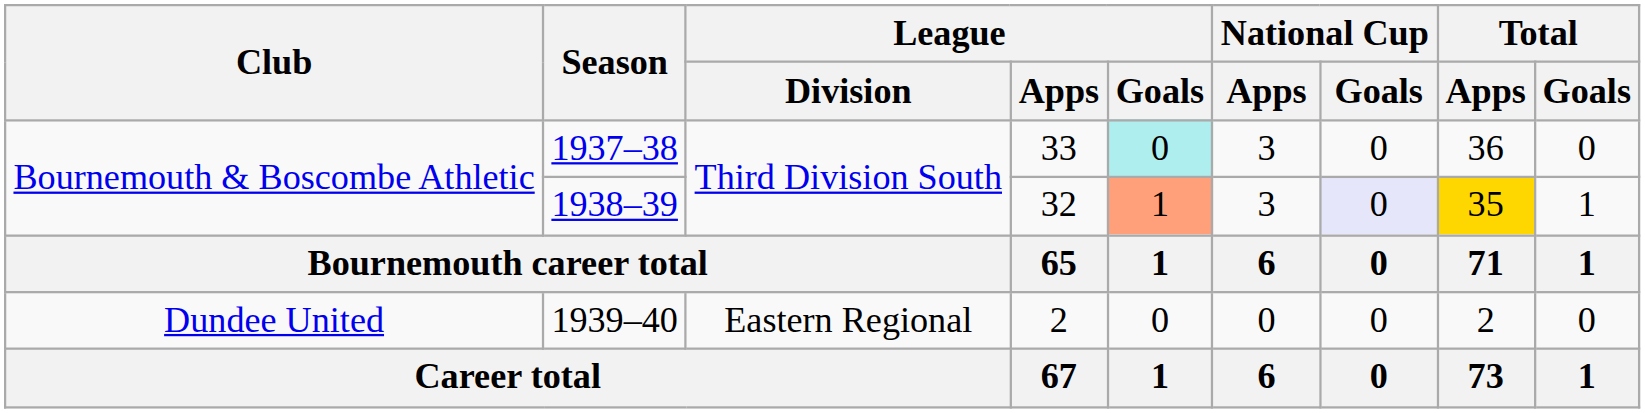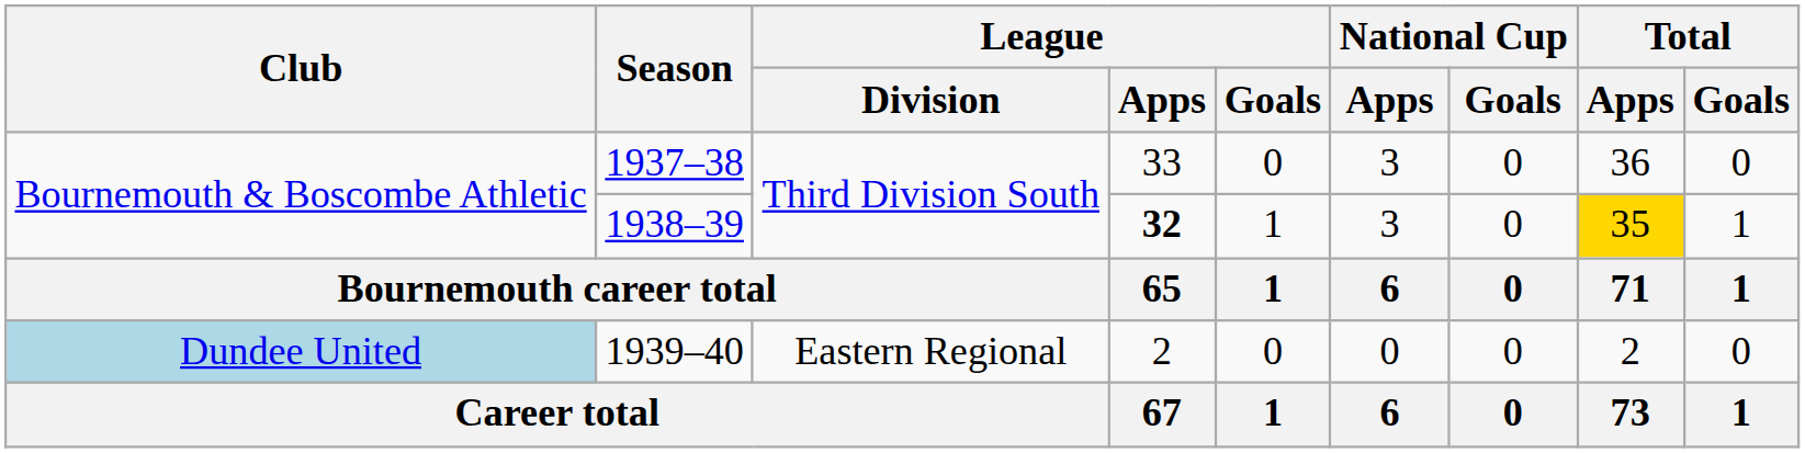 <table class="wikitable" style="text-align:center;">
 <tr>
 <th rowspan="2">Club</th>
 <th rowspan="2">Season</th>
 <th colspan="3">League</th>
 <th colspan="2">National Cup</th>
 <th colspan="2">Total</th>
 </tr>
 <tr>
 <th>Division</th>
 <th>Apps</th>
 <th>Goals</th>
 <th>Apps</th>
 <th>Goals</th>
 <th>Apps</th>
 <th>Goals</th>
 </tr>
 <tr>
 <td rowspan="2"><a href='#'>Bournemouth & Boscombe Athletic</a></td>
 <td><a href='#'>1937–38</a></td>
 <td rowspan="2"><a href='#'>Third Division South</a></td>
 <td>33</td>
-<td style="background: paleturquoise;">0</td>
+<td>0</td>
 <td>3</td>
 <td>0</td>
 <td>36</td>
 <td>0</td>
 </tr>
 <tr>
 <td><a href='#'>1938–39</a></td>
-<td>32</td>
-<td style="background: lightsalmon;">1</td>
+<td><strong>32</strong></td>
+<td>1</td>
 <td>3</td>
-<td style="background: lavender;">0</td>
+<td>0</td>
 <td style="background: gold;">35</td>
 <td>1</td>
 </tr>
 <tr>
 <th colspan="3">Bournemouth career total</th>
 <th>65</th>
 <th>1</th>
 <th>6</th>
 <th>0</th>
 <th>71</th>
 <th>1</th>
 </tr>
 <tr>
-<td><a href='#'>Dundee United</a></td>
+<td style="background: lightblue;"><a href='#'>Dundee United</a></td>
 <td>1939–40</td>
 <td>Eastern Regional</td>
 <td>2</td>
 <td>0</td>
 <td>0</td>
 <td>0</td>
 <td>2</td>
 <td>0</td>
 </tr>
 <tr>
 <th colspan="3">Career total</th>
 <th>67</th>
 <th>1</th>
 <th>6</th>
 <th>0</th>
 <th>73</th>
 <th>1</th>
 </tr>
 </table>
